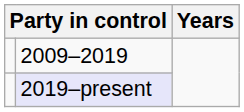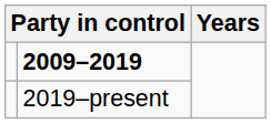 <table class="wikitable">
 <tr>
 <th colspan="2">Party in control</th>
 <th>Years</th>
 </tr>
 <tr>
 <td></td>
-<td>2009–2019</td>
+<td><strong>2009–2019</strong></td>
 </tr>
 <tr>
 <td></td>
-<td style="background: lavender;">2019–present</td>
+<td>2019–present</td>
 </tr>
 </table>
